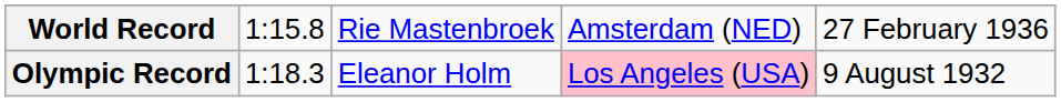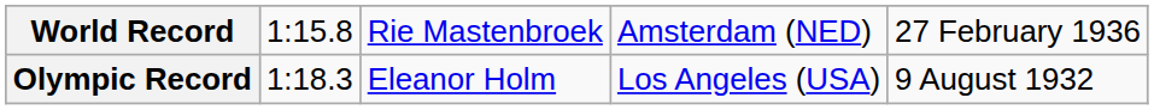 <table class="wikitable" style="font-size:95%;">
 <tr>
 <th>World Record</th>
 <td>1:15.8</td>
 <td> <a href='#'>Rie Mastenbroek</a></td>
 <td><a href='#'>Amsterdam</a> (<a href='#'>NED</a>)</td>
 <td>27 February 1936</td>
 </tr>
 <tr>
 <th>Olympic Record</th>
 <td>1:18.3</td>
 <td> <a href='#'>Eleanor Holm</a></td>
-<td style="background: pink;"><a href='#'>Los Angeles</a> (<a href='#'>USA</a>)</td>
+<td><a href='#'>Los Angeles</a> (<a href='#'>USA</a>)</td>
 <td>9 August 1932</td>
 </tr>
 </table>
